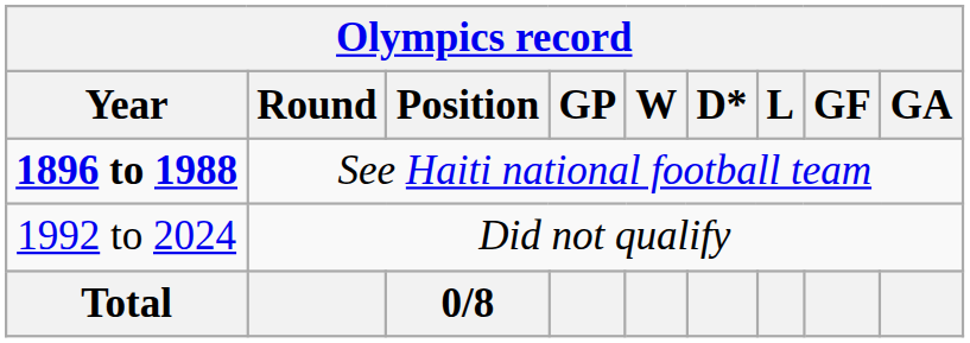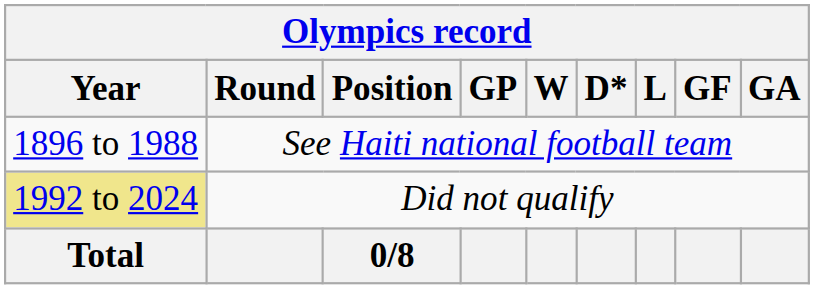 <table class="wikitable" style="text-align: center;">
 <tr>
 <th colspan=9><a href='#'>Olympics record</a></th>
 </tr>
 <tr>
 <th>Year</th>
 <th>Round</th>
 <th>Position</th>
 <th>GP</th>
 <th>W</th>
 <th>D*</th>
 <th>L</th>
 <th>GF</th>
 <th>GA</th>
 </tr>
 <tr>
-<td><strong><a href='#'>1896</a> to <a href='#'>1988</a></strong></td>
+<td><a href='#'>1896</a> to <a href='#'>1988</a></td>
 <td colspan=9><em>See <a href='#'>Haiti national football team</a></em></td>
 </tr>
 <tr>
-<td><a href='#'>1992</a> to <a href='#'>2024</a></td>
+<td style="background: khaki;"><a href='#'>1992</a> to <a href='#'>2024</a></td>
 <td rowspan=1 colspan=8><em>Did not qualify</em></td>
 </tr>
 <tr>
 <th><strong>Total</strong></th>
 <th></th>
 <th>0/8</th>
 <th></th>
 <th></th>
 <th></th>
 <th></th>
 <th></th>
 <th></th>
 </tr>
 </table>
